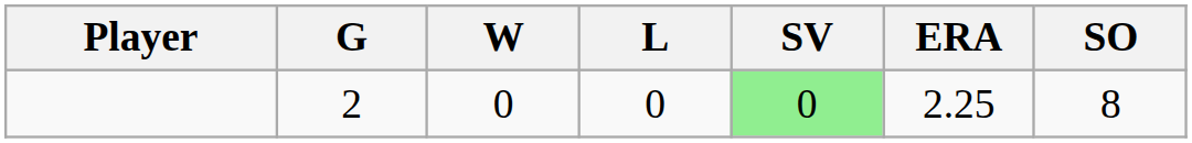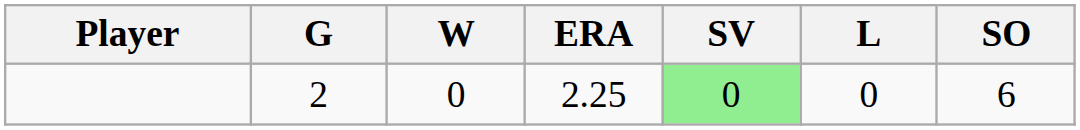 <table class="wikitable sortable">
 <tr>
 <th bgcolor="#DDDDFF" width="16%">Player</th>
 <th bgcolor="#DDDDFF" width="9%">G</th>
 <th bgcolor="#DDDDFF" width="9%">W</th>
+<th bgcolor="#DDDDFF" width="9%">ERA</th>
+<th bgcolor="#DDDDFF" width="9%">SV</th>
 <th bgcolor="#DDDDFF" width="9%">L</th>
-<th bgcolor="#DDDDFF" width="9%">SV</th>
-<th bgcolor="#DDDDFF" width="9%">ERA</th>
 <th bgcolor="#DDDDFF" width="9%">SO</th>
 </tr>
 <tr align="center">
 <td></td>
 <td>2</td>
 <td>0</td>
+<td>2.25</td>
+<td style="background: lightgreen;">0</td>
 <td>0</td>
-<td style="background: lightgreen;">0</td>
-<td>2.25</td>
-<td>8</td>
+<td>6</td>
 </tr>
 </table>
